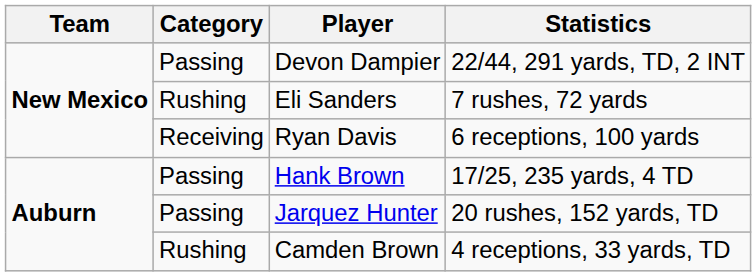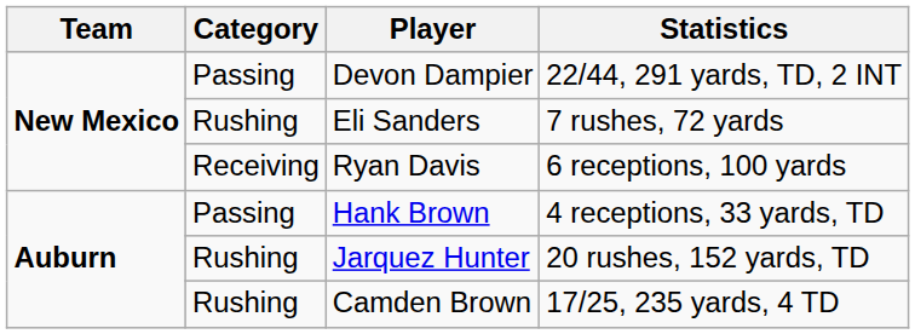 <table class="wikitable" style="float: right;">
 <tr>
 <th>Team</th>
 <th>Category</th>
 <th>Player</th>
 <th>Statistics</th>
 </tr>
 <tr>
 <td rowspan=3><strong>New Mexico</strong></td>
 <td>Passing</td>
 <td>Devon Dampier</td>
 <td>22/44, 291 yards, TD, 2 INT</td>
 </tr>
 <tr>
 <td>Rushing</td>
 <td>Eli Sanders</td>
 <td>7 rushes, 72 yards</td>
 </tr>
 <tr>
 <td>Receiving</td>
 <td>Ryan Davis</td>
 <td>6 receptions, 100 yards</td>
 </tr>
 <tr>
 <td rowspan=3><strong>Auburn</strong></td>
 <td>Passing</td>
 <td><a href='#'>Hank Brown</a></td>
-<td>17/25, 235 yards, 4 TD</td>
+<td>4 receptions, 33 yards, TD</td>
 </tr>
 <tr>
-<td>Passing</td>
+<td>Rushing</td>
 <td><a href='#'>Jarquez Hunter</a></td>
 <td>20 rushes, 152 yards, TD</td>
 </tr>
 <tr>
 <td>Rushing</td>
 <td>Camden Brown</td>
-<td>4 receptions, 33 yards, TD</td>
+<td>17/25, 235 yards, 4 TD</td>
 </tr>
 </table>
